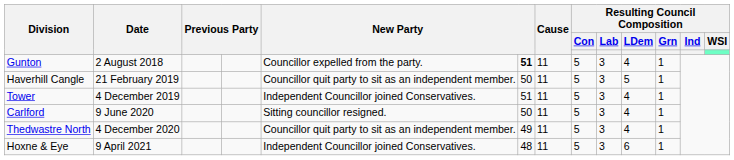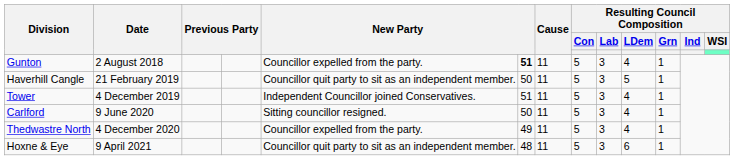 <table class="wikitable">
 <tr>
 <th !  rowspan="3">Division</th>
 <th ! rowspan="3">Date</th>
 <th !  rowspan=3  colspan=2>Previous Party</th>
 <th !  rowspan=3 colspan=2>New Party</th>
 <th ! rowspan="3">Cause</th>
 <th ! colspan="6">Resulting Council Composition</th>
 </tr>
 <tr>
 <th style="width:30px;" class="unsortable"><a href='#'>Con</a></th>
 <th style="width:30px;" class="unsortable"><a href='#'>Lab</a></th>
 <th style="width:30px;" class="unsortable"><a href='#'>LDem</a></th>
 <th style="width:30px;" class="unsortable"><a href='#'>Grn</a></th>
 <th style="width:30px;" class="unsortable"><a href='#'>Ind</a></th>
 <th style="width:30px;" class="unsortable">WSI</th>
 </tr>
 <tr>
 <th class="unsortable" style="color:inherit;background:"></th>
 <th class="unsortable" style="color:inherit;background:"></th>
 <th class="unsortable" style="color:inherit;background:"></th>
 <th class="unsortable" style="color:inherit;background:"></th>
 <th class="unsortable" style="color:inherit;background:"></th>
 <th class="unsortable" style="color:inherit;background-color: #6EFFC5; width:30px;"></th>
 </tr>
 <tr>
 <td><a href='#'>Gunton</a></td>
 <td>2 August 2018</td>
 <td></td>
 <td></td>
 <td>Councillor expelled from the party.</td>
 <td><strong>51</strong></td>
 <td>11</td>
 <td>5</td>
 <td>3</td>
 <td>4</td>
 <td>1</td>
 </tr>
 <tr>
 <td>Haverhill Cangle</td>
 <td>21 February 2019</td>
 <td></td>
 <td></td>
 <td>Councillor quit party to sit as an independent member.</td>
 <td>50</td>
 <td>11</td>
 <td>5</td>
 <td>3</td>
 <td>5</td>
 <td>1</td>
 </tr>
 <tr>
 <td><a href='#'>Tower</a></td>
 <td>4 December 2019</td>
 <td></td>
 <td></td>
 <td>Independent Councillor joined Conservatives.</td>
 <td>51</td>
 <td>11</td>
 <td>5</td>
 <td>3</td>
 <td>4</td>
 <td>1</td>
 </tr>
 <tr>
 <td><a href='#'>Carlford</a></td>
 <td>9 June 2020</td>
 <td></td>
 <td></td>
 <td>Sitting councillor resigned.</td>
 <td>50</td>
 <td>11</td>
 <td>5</td>
 <td>3</td>
 <td>4</td>
 <td>1</td>
 </tr>
 <tr>
 <td><a href='#'>Thedwastre North</a></td>
 <td>4 December 2020</td>
 <td></td>
 <td></td>
-<td>Councillor quit party to sit as an independent member.</td>
+<td>Councillor expelled from the party.</td>
 <td>49</td>
 <td>11</td>
 <td>5</td>
 <td>3</td>
 <td>4</td>
 <td>1</td>
 </tr>
 <tr>
 <td>Hoxne & Eye</td>
 <td>9 April 2021</td>
 <td></td>
 <td></td>
-<td>Independent Councillor joined Conservatives.</td>
+<td>Councillor quit party to sit as an independent member.</td>
 <td>48</td>
 <td>11</td>
 <td>5</td>
 <td>3</td>
 <td>6</td>
 <td>1</td>
 </tr>
 </table>
